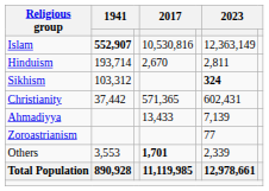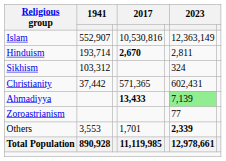 <table class="wikitable sortable">
 <tr>
 <th rowspan="2"><a href='#'>Religious</a><br>group</th>
 <th colspan="2">1941</th>
 <th colspan="2">2017</th>
 <th colspan="2">2023</th>
 </tr>
 <tr>
 <th><a href='#'></a></th>
 <th></th>
 <th></th>
 <th></th>
 <th></th>
 <th></th>
 </tr>
 <tr>
 <td><a href='#'>Islam</a> </td>
-<td><strong>552,907</strong></td>
+<td>552,907</td>
 <td></td>
 <td>10,530,816</td>
 <td></td>
 <td>12,363,149</td>
 <td></td>
 </tr>
 <tr>
 <td><a href='#'>Hinduism</a> </td>
 <td>193,714</td>
 <td></td>
-<td>2,670</td>
+<td><strong>2,670</strong></td>
 <td></td>
 <td>2,811</td>
 <td></td>
 </tr>
 <tr>
 <td><a href='#'>Sikhism</a> </td>
 <td>103,312</td>
 <td></td>
 <td></td>
 <td></td>
-<td><strong>324</strong></td>
+<td>324</td>
 <td></td>
 </tr>
 <tr>
 <td><a href='#'>Christianity</a> </td>
 <td>37,442</td>
 <td></td>
 <td>571,365</td>
 <td></td>
 <td>602,431</td>
 <td></td>
 </tr>
 <tr>
 <td><a href='#'>Ahmadiyya</a> </td>
 <td></td>
 <td></td>
-<td>13,433</td>
+<td><strong>13,433</strong></td>
 <td></td>
-<td>7,139</td>
+<td style="background: lightgreen;">7,139</td>
 <td></td>
 </tr>
 <tr>
 <td><a href='#'>Zoroastrianism</a> </td>
 <td></td>
 <td></td>
 <td></td>
 <td></td>
 <td>77</td>
 <td></td>
 </tr>
 <tr>
 <td>Others</td>
 <td>3,553</td>
 <td></td>
-<td><strong>1,701</strong></td>
+<td>1,701</td>
 <td></td>
-<td>2,339</td>
+<td><strong>2,339</strong></td>
 <td></td>
 </tr>
 <tr>
 <th>Total Population</th>
 <th>890,928</th>
 <th></th>
 <th>11,119,985</th>
 <th></th>
 <th>12,978,661</th>
 <th></th>
 </tr>
 <tr class="sortbottom">
 <td colspan="7"></td>
 </tr>
 </table>
